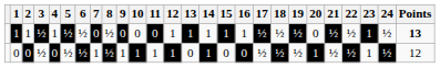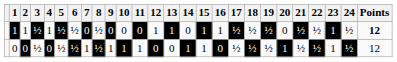 <table class="wikitable" style="text-align:center">
 <tr>
 <th></th>
 <th>1</th>
 <th>2</th>
 <th>3</th>
 <th>4</th>
 <th>5</th>
 <th>6</th>
 <th>7</th>
 <th>8</th>
 <th>9</th>
 <th>10</th>
 <th>11</th>
 <th>12</th>
 <th>13</th>
 <th>14</th>
 <th>15</th>
 <th>16</th>
 <th>17</th>
 <th>18</th>
 <th>19</th>
 <th>20</th>
 <th>21</th>
 <th>22</th>
 <th>23</th>
 <th>24</th>
 <th>Points</th>
 </tr>
 <tr>
 <td align=left></td>
 <td style="background:black; color:white">1</td>
 <td>1</td>
 <td style="background:black; color:white">½</td>
 <td>1</td>
 <td style="background:black; color:white">½</td>
 <td>½</td>
 <td style="background:black; color:white">0</td>
 <td>½</td>
 <td style="background:black; color:white">0</td>
 <td>0</td>
 <td style="background:black; color:white">0</td>
 <td>1</td>
 <td style="background:black; color:white">1</td>
-<td>1</td>
+<td>0</td>
 <td style="background:black; color:white">1</td>
 <td>1</td>
 <td style="background:black; color:white">½</td>
 <td>½</td>
 <td style="background:black; color:white">½</td>
 <td>0</td>
 <td style="background:black; color:white">½</td>
 <td>½</td>
 <td style="background:black; color:white">1</td>
 <td>½</td>
-<td><strong>13</strong></td>
+<td><strong>12</strong></td>
 </tr>
 <tr>
 <td align=left></td>
 <td>0</td>
 <td style="background:black; color:white">0</td>
 <td>½</td>
 <td style="background:black; color:white">0</td>
 <td>½</td>
 <td style="background:black; color:white">½</td>
 <td>1</td>
 <td style="background:black; color:white">½</td>
 <td>1</td>
 <td style="background:black; color:white">1</td>
 <td>1</td>
-<td style="background:black; color:white">1</td>
+<td style="background:black; color:white">0</td>
 <td>0</td>
 <td style="background:black; color:white">1</td>
-<td>0</td>
+<td>1</td>
 <td style="background:black; color:white">0</td>
 <td>½</td>
 <td style="background:black; color:white">½</td>
 <td>½</td>
 <td style="background:black; color:white">1</td>
 <td>½</td>
 <td style="background:black; color:white">½</td>
 <td>1</td>
 <td style="background:black; color:white">½</td>
 <td>12</td>
 </tr>
 </table>
